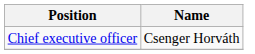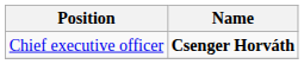 <table class="wikitable">
 <tr>
 <th>Position</th>
 <th>Name</th>
 </tr>
 <tr>
 <td><a href='#'>Chief executive officer</a></td>
-<td> Csenger Horváth</td>
+<td><strong> Csenger Horváth</strong></td>
 </tr>
 <tr>
 </tr>
 </table>
